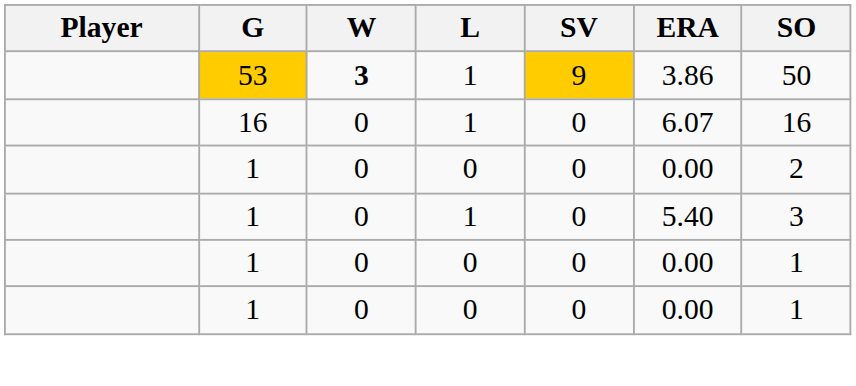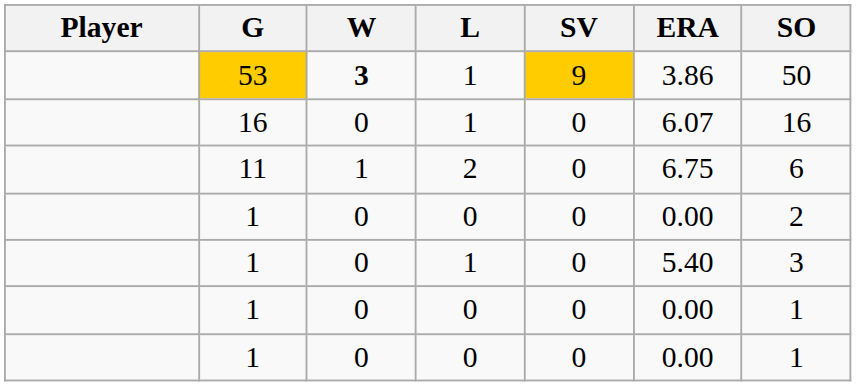 <table class="wikitable sortable">
 <tr>
 <th bgcolor="#DDDDFF" width="16%">Player</th>
 <th bgcolor="#DDDDFF" width="9%">G</th>
 <th bgcolor="#DDDDFF" width="9%">W</th>
 <th bgcolor="#DDDDFF" width="9%">L</th>
 <th bgcolor="#DDDDFF" width="9%">SV</th>
 <th bgcolor="#DDDDFF" width="9%">ERA</th>
 <th bgcolor="#DDDDFF" width="9%">SO</th>
 </tr>
 <tr align="center">
 <td></td>
 <td style="background:#fc0;">53</td>
 <td><strong>3</strong></td>
 <td>1</td>
 <td style="background:#fc0;">9</td>
 <td>3.86</td>
 <td>50</td>
 </tr>
 <tr align="center">
 <td></td>
 <td>16</td>
 <td>0</td>
 <td>1</td>
 <td>0</td>
 <td>6.07</td>
 <td>16</td>
+</tr>
+<tr align="center">
+<td></td>
+<td>11</td>
+<td>1</td>
+<td>2</td>
+<td>0</td>
+<td>6.75</td>
+<td>6</td>
 </tr>
 <tr align="center">
 <td></td>
 <td>1</td>
 <td>0</td>
 <td>0</td>
 <td>0</td>
 <td>0.00</td>
 <td>2</td>
 </tr>
 <tr align="center">
 <td></td>
 <td>1</td>
 <td>0</td>
 <td>1</td>
 <td>0</td>
 <td>5.40</td>
 <td>3</td>
 </tr>
 <tr align="center">
 <td></td>
 <td>1</td>
 <td>0</td>
 <td>0</td>
 <td>0</td>
 <td>0.00</td>
 <td>1</td>
 </tr>
 <tr align="center">
 <td></td>
 <td>1</td>
 <td>0</td>
 <td>0</td>
 <td>0</td>
 <td>0.00</td>
 <td>1</td>
 </tr>
 </table>
